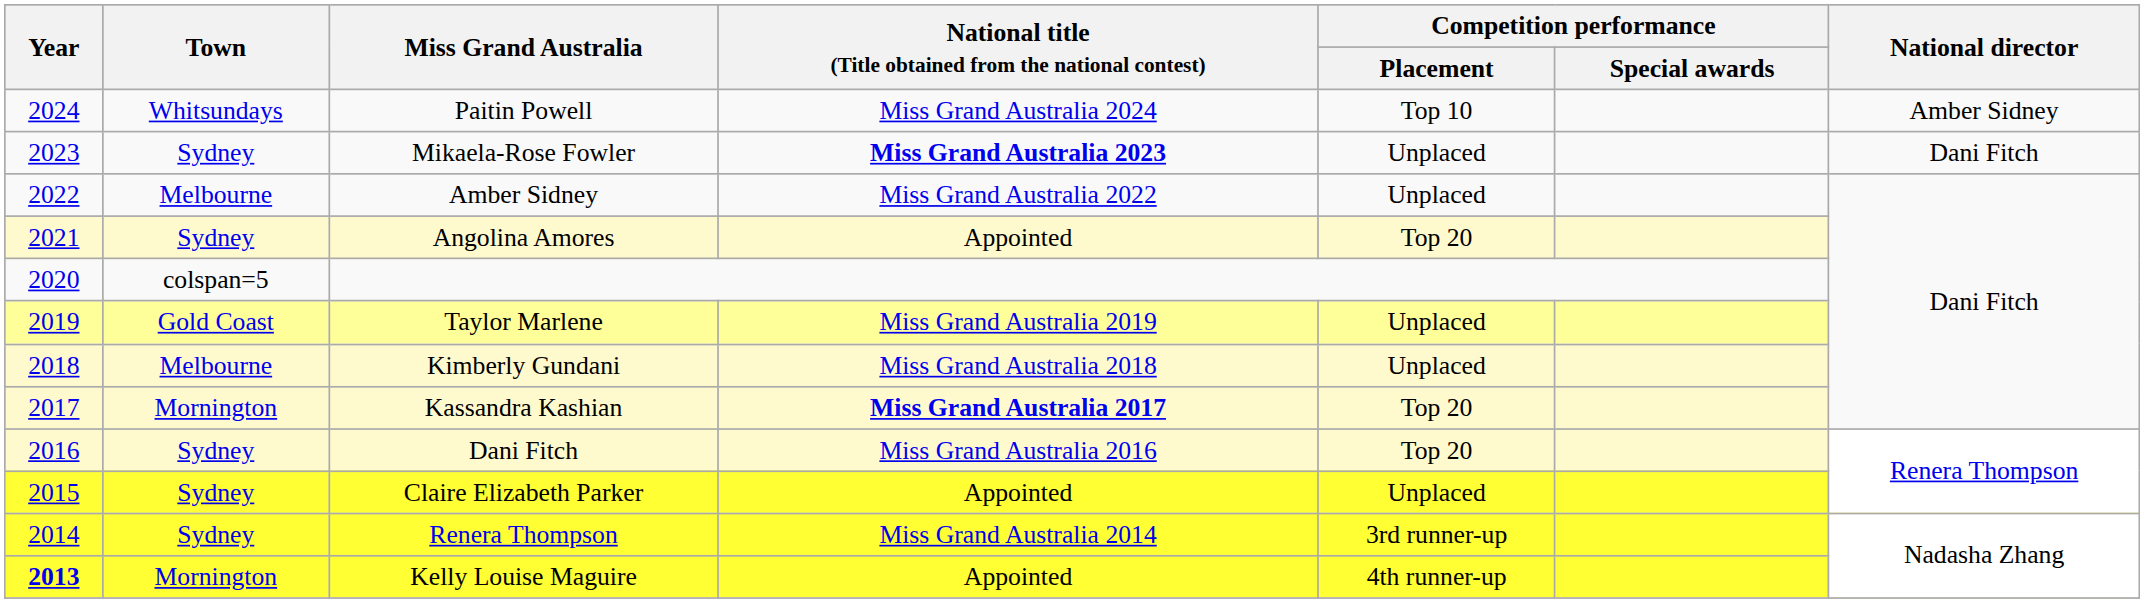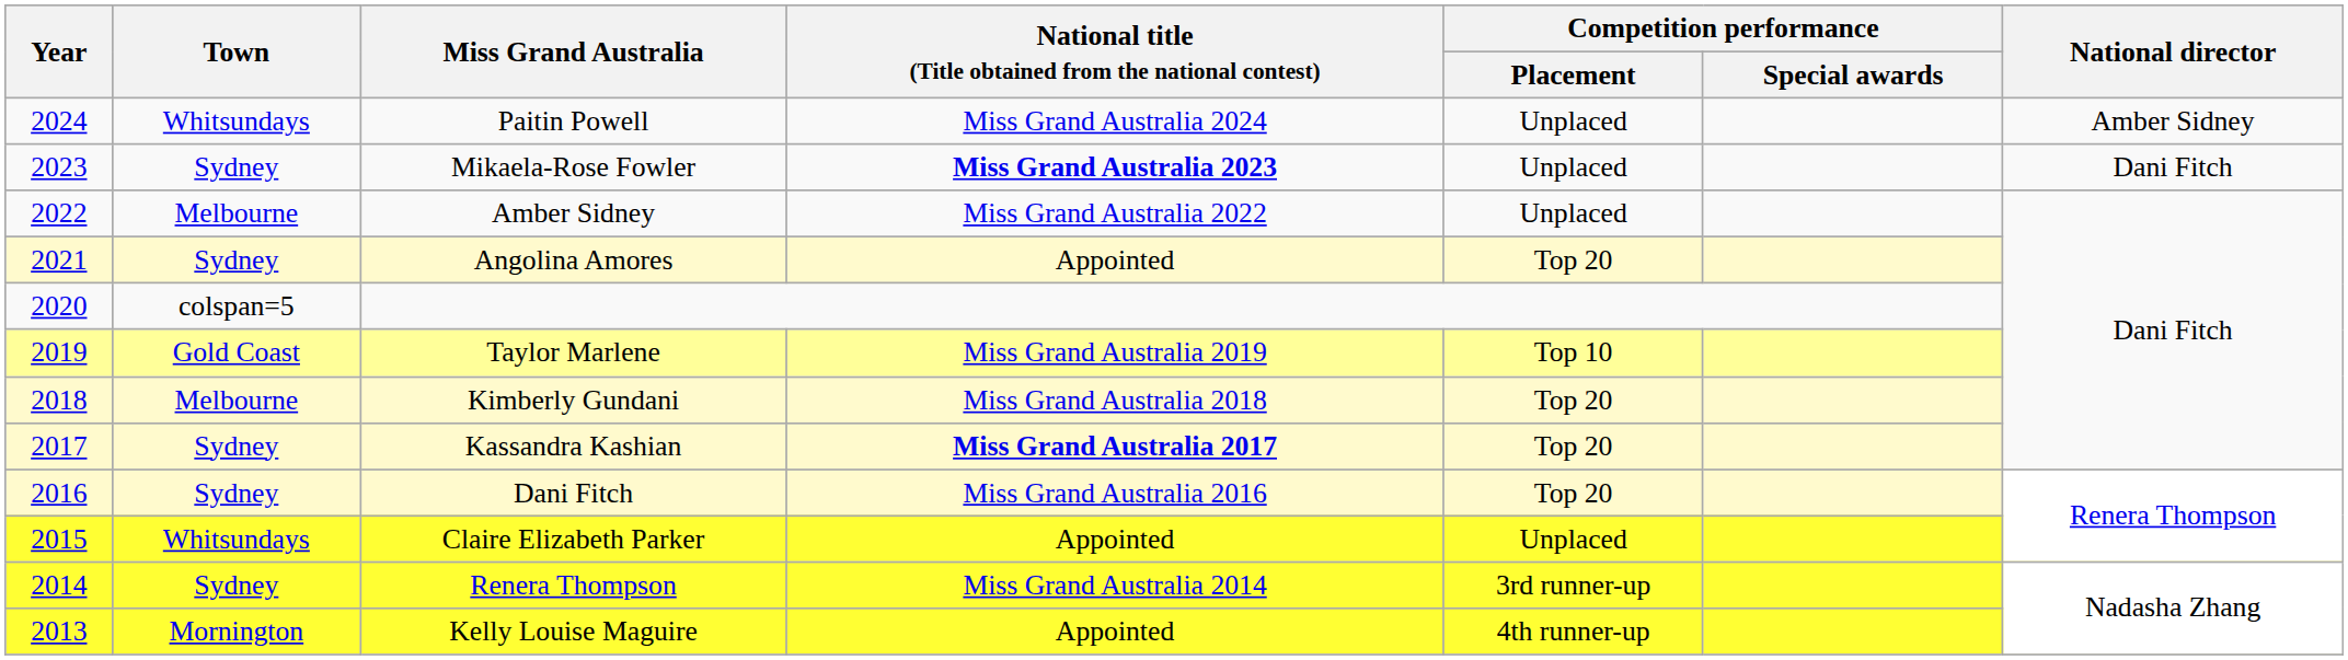 <table class="wikitable" style="font-size: 95%; text-align:center; width:100%">
 <tr>
 <th rowspan=2>Year</th>
 <th rowspan=2>Town</th>
 <th rowspan=2>Miss Grand Australia</th>
 <th rowspan=2>National title<br><small>(Title obtained from the national contest)</small></th>
 <th colspan=2>Competition performance</th>
 <th rowspan=2>National director</th>
 </tr>
 <tr>
 <th>Placement</th>
 <th>Special awards</th>
 </tr>
 <tr>
 <td><a href='#'>2024</a></td>
 <td><a href='#'>Whitsundays</a></td>
 <td>Paitin Powell</td>
 <td><a href='#'>Miss Grand Australia 2024</a></td>
-<td>Top 10</td>
+<td>Unplaced</td>
 <td></td>
 <td>Amber Sidney</td>
 </tr>
 <tr>
 <td><a href='#'>2023</a></td>
 <td><a href='#'>Sydney</a></td>
 <td>Mikaela-Rose Fowler</td>
 <td><strong><a href='#'>Miss Grand Australia 2023</a></strong></td>
 <td>Unplaced</td>
 <td></td>
 <td>Dani Fitch</td>
 </tr>
 <tr>
 <td><a href='#'>2022</a></td>
 <td><a href='#'>Melbourne</a></td>
 <td>Amber Sidney</td>
 <td><a href='#'>Miss Grand Australia 2022</a></td>
 <td>Unplaced</td>
 <td></td>
 <td rowspan=6>Dani Fitch</td>
 </tr>
 <tr bgcolor=#FFFACD>
 <td><a href='#'>2021</a></td>
 <td><a href='#'>Sydney</a></td>
 <td>Angolina Amores</td>
 <td>Appointed</td>
 <td>Top 20</td>
 <td></td>
 </tr>
 <tr>
 <td><a href='#'>2020</a></td>
 <td>colspan=5 </td>
 </tr>
 <tr bgcolor=#FFFF99>
 <td><a href='#'>2019</a></td>
 <td><a href='#'>Gold Coast</a></td>
 <td>Taylor Marlene</td>
 <td><a href='#'>Miss Grand Australia 2019</a></td>
-<td>Unplaced</td>
+<td>Top 10</td>
 <td></td>
 </tr>
 <tr bgcolor=#FFFACD>
 <td><a href='#'>2018</a></td>
 <td><a href='#'>Melbourne</a></td>
 <td>Kimberly Gundani</td>
 <td><a href='#'>Miss Grand Australia 2018</a></td>
-<td>Unplaced</td>
+<td>Top 20</td>
 <td></td>
 </tr>
 <tr bgcolor=#FFFACD>
 <td><a href='#'>2017</a></td>
-<td><a href='#'>Mornington</a></td>
+<td><a href='#'>Sydney</a></td>
 <td>Kassandra Kashian</td>
 <td><strong><a href='#'>Miss Grand Australia 2017</a></strong></td>
 <td>Top 20</td>
 <td></td>
 </tr>
 <tr bgcolor=#FFFACD>
 <td><a href='#'>2016</a></td>
 <td><a href='#'>Sydney</a></td>
 <td>Dani Fitch</td>
 <td><a href='#'>Miss Grand Australia 2016</a></td>
 <td>Top 20</td>
 <td></td>
 <td bgcolor=#FFFFFF rowspan=2><a href='#'>Renera Thompson</a></td>
 </tr>
 <tr bgcolor=#FFFF33>
 <td><a href='#'>2015</a></td>
-<td><a href='#'>Sydney</a></td>
+<td><a href='#'>Whitsundays</a></td>
 <td>Claire Elizabeth Parker</td>
 <td>Appointed</td>
 <td>Unplaced</td>
 <td></td>
 </tr>
 <tr bgcolor=#FFFF33>
 <td><a href='#'>2014</a></td>
 <td><a href='#'>Sydney</a></td>
 <td><a href='#'>Renera Thompson</a></td>
 <td><a href='#'>Miss Grand Australia 2014</a></td>
 <td>3rd runner-up</td>
 <td></td>
 <td bgcolor=#FFFFFF rowspan=2>Nadasha Zhang</td>
 </tr>
 <tr bgcolor=#FFFF33>
-<td><strong><a href='#'>2013</a></strong></td>
+<td><a href='#'>2013</a></td>
 <td><a href='#'>Mornington</a></td>
 <td>Kelly Louise Maguire</td>
 <td>Appointed</td>
 <td>4th runner-up</td>
 <td></td>
 </tr>
 </table>
